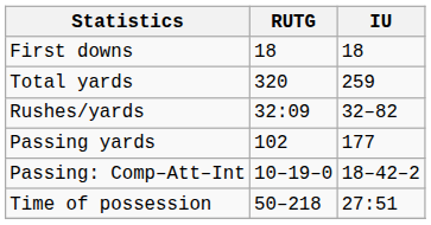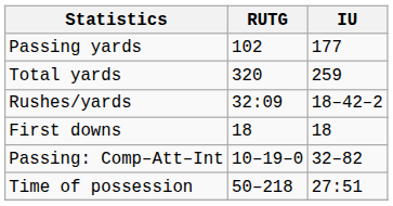 <table class="wikitable" style="float: left;">
 <tr>
 <th>Statistics</th>
 <th>RUTG</th>
 <th>IU</th>
 </tr>
 <tr>
-<td>First downs</td>
-<td>18</td>
-<td>18</td>
+<td>Passing yards</td>
+<td>102</td>
+<td>177</td>
 </tr>
 <tr>
 <td>Total yards</td>
 <td>320</td>
 <td>259</td>
 </tr>
 <tr>
 <td>Rushes/yards</td>
 <td>32:09</td>
-<td>32–82</td>
+<td>18–42–2</td>
 </tr>
 <tr>
-<td>Passing yards</td>
-<td>102</td>
-<td>177</td>
+<td>First downs</td>
+<td>18</td>
+<td>18</td>
 </tr>
 <tr>
 <td>Passing: Comp–Att–Int</td>
 <td>10–19–0</td>
-<td>18–42–2</td>
+<td>32–82</td>
 </tr>
 <tr>
 <td>Time of possession</td>
 <td>50–218</td>
 <td>27:51</td>
 </tr>
 <tr>
 </tr>
 </table>
